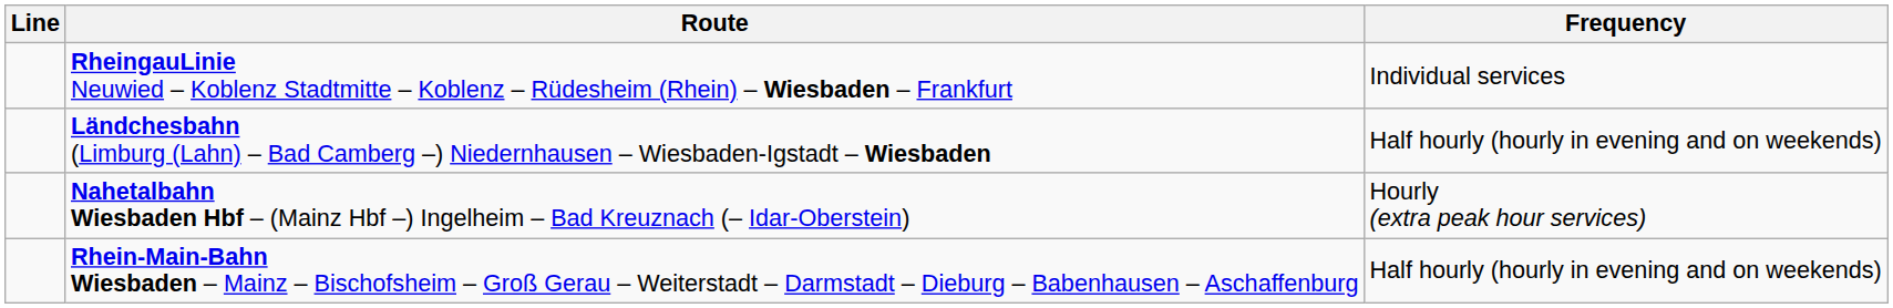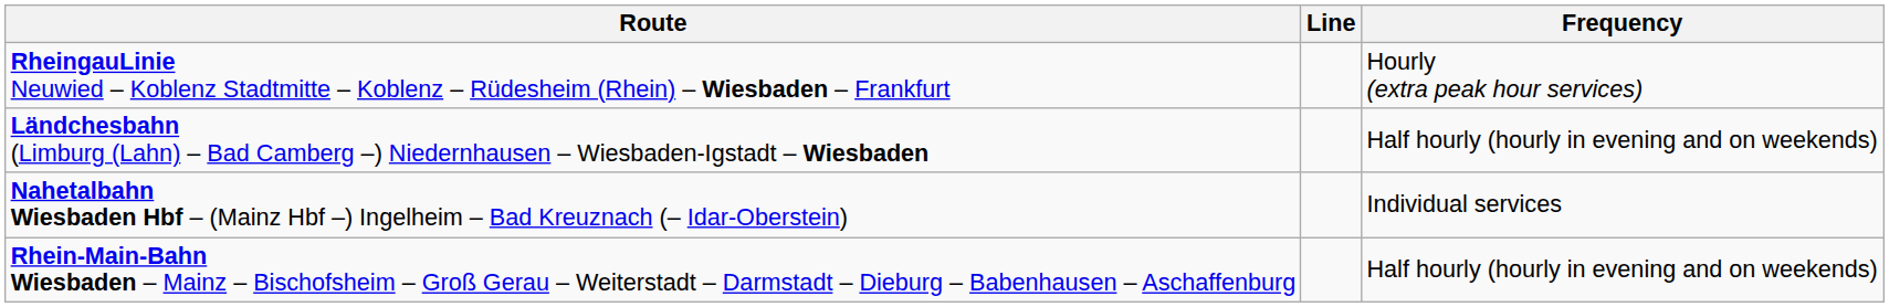 <table class="wikitable">
 <tr>
+<th>Route</th>
 <th>Line</th>
-<th>Route</th>
 <th>Frequency</th>
 </tr>
 <tr>
+<td><strong><a href='#'>RheingauLinie</a></strong><br><a href='#'>Neuwied</a> – <a href='#'>Koblenz Stadtmitte</a> – <a href='#'>Koblenz</a> – <a href='#'>Rüdesheim (Rhein)</a> – <strong>Wiesbaden</strong> – <a href='#'>Frankfurt</a></td>
 <td></td>
-<td><strong><a href='#'>RheingauLinie</a></strong><br><a href='#'>Neuwied</a> – <a href='#'>Koblenz Stadtmitte</a> – <a href='#'>Koblenz</a> – <a href='#'>Rüdesheim (Rhein)</a> – <strong>Wiesbaden</strong> – <a href='#'>Frankfurt</a></td>
+<td>Hourly<br> <em>(extra peak hour services)</em></td>
+</tr>
+<tr>
+<td><strong><a href='#'>Ländchesbahn</a></strong><br>(<a href='#'>Limburg (Lahn)</a> – <a href='#'>Bad Camberg</a> –) <a href='#'>Niedernhausen</a> – Wiesbaden-Igstadt – <strong>Wiesbaden</strong></td>
+<td></td>
+<td>Half hourly (hourly in evening and on weekends)</td>
+</tr>
+<tr>
+<td><strong><a href='#'>Nahetalbahn</a></strong><br> <strong>Wiesbaden Hbf</strong> – (Mainz Hbf –) Ingelheim – <a href='#'>Bad Kreuznach</a> (– <a href='#'>Idar-Oberstein</a>)</td>
+<td></td>
 <td>Individual services</td>
 </tr>
 <tr>
+<td><strong><a href='#'>Rhein-Main-Bahn</a></strong><br> <strong>Wiesbaden</strong> – <a href='#'>Mainz</a> – <a href='#'>Bischofsheim</a> – <a href='#'>Groß Gerau</a> – Weiterstadt – <a href='#'>Darmstadt</a> – <a href='#'>Dieburg</a> – <a href='#'>Babenhausen</a> – <a href='#'>Aschaffenburg</a></td>
 <td></td>
-<td><strong><a href='#'>Ländchesbahn</a></strong><br>(<a href='#'>Limburg (Lahn)</a> – <a href='#'>Bad Camberg</a> –) <a href='#'>Niedernhausen</a> – Wiesbaden-Igstadt – <strong>Wiesbaden</strong></td>
-<td>Half hourly (hourly in evening and on weekends)</td>
-</tr>
-<tr>
-<td></td>
-<td><strong><a href='#'>Nahetalbahn</a></strong><br> <strong>Wiesbaden Hbf</strong> – (Mainz Hbf –) Ingelheim – <a href='#'>Bad Kreuznach</a> (– <a href='#'>Idar-Oberstein</a>)</td>
-<td>Hourly<br> <em>(extra peak hour services)</em></td>
-</tr>
-<tr>
-<td></td>
-<td><strong><a href='#'>Rhein-Main-Bahn</a></strong><br> <strong>Wiesbaden</strong> – <a href='#'>Mainz</a> – <a href='#'>Bischofsheim</a> – <a href='#'>Groß Gerau</a> – Weiterstadt – <a href='#'>Darmstadt</a> – <a href='#'>Dieburg</a> – <a href='#'>Babenhausen</a> – <a href='#'>Aschaffenburg</a></td>
 <td>Half hourly (hourly in evening and on weekends)</td>
 </tr>
 </table>
